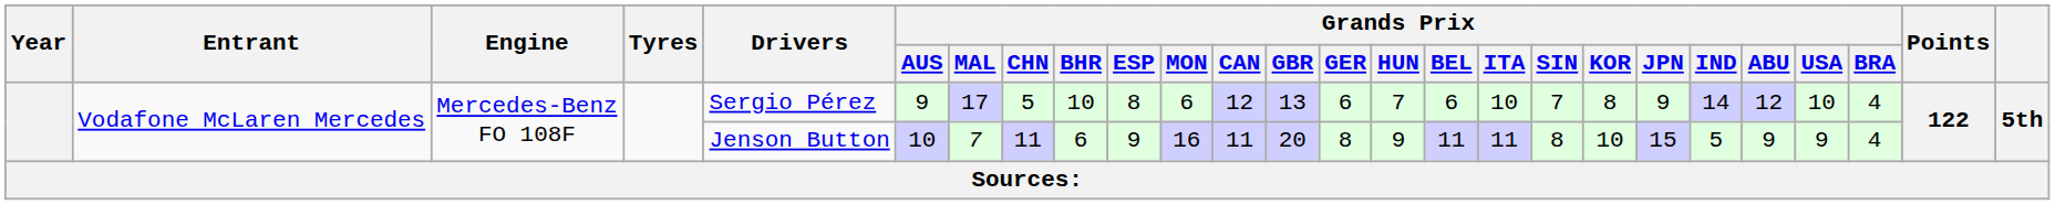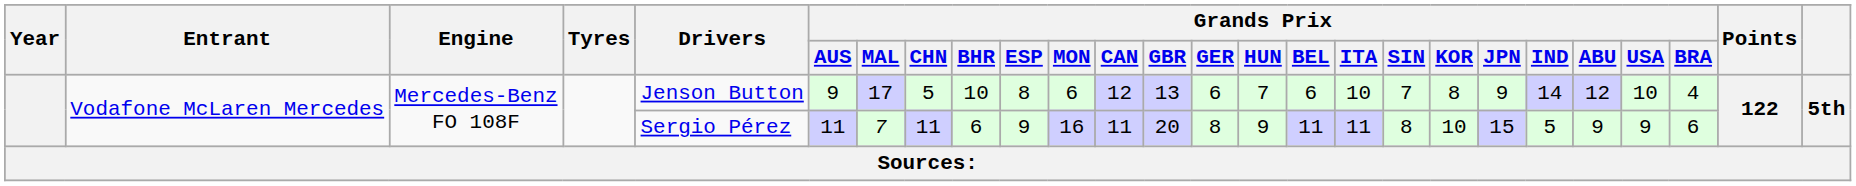 <table class="wikitable" style="text-align:center; font-size:90%">
 <tr>
 <th rowspan="2">Year</th>
 <th rowspan="2">Entrant</th>
 <th rowspan="2">Engine</th>
 <th rowspan="2">Tyres</th>
 <th rowspan="2">Drivers</th>
 <th colspan="19">Grands Prix</th>
 <th rowspan="2">Points</th>
 <th rowspan="2"></th>
 </tr>
 <tr>
 <th><a href='#'>AUS</a></th>
 <th><a href='#'>MAL</a></th>
 <th><a href='#'>CHN</a></th>
 <th><a href='#'>BHR</a></th>
 <th><a href='#'>ESP</a></th>
 <th><a href='#'>MON</a></th>
 <th><a href='#'>CAN</a></th>
 <th><a href='#'>GBR</a></th>
 <th><a href='#'>GER</a></th>
 <th><a href='#'>HUN</a></th>
 <th><a href='#'>BEL</a></th>
 <th><a href='#'>ITA</a></th>
 <th><a href='#'>SIN</a></th>
 <th><a href='#'>KOR</a></th>
 <th><a href='#'>JPN</a></th>
 <th><a href='#'>IND</a></th>
 <th><a href='#'>ABU</a></th>
 <th><a href='#'>USA</a></th>
 <th><a href='#'>BRA</a></th>
 </tr>
 <tr>
 <th rowspan=2></th>
 <td rowspan=2 nowrap><a href='#'>Vodafone McLaren Mercedes</a></td>
 <td rowspan=2 nowrap><a href='#'>Mercedes-Benz</a><br>FO 108F</td>
 <td rowspan=2></td>
-<td align="left"> <a href='#'>Sergio Pérez</a></td>
+<td align="left" nowrap> <a href='#'>Jenson Button</a></td>
 <td style="background-color:#dfffdf">9</td>
 <td style="background-color:#cfcfff">17</td>
 <td style="background-color:#dfffdf">5</td>
 <td style="background-color:#dfffdf">10</td>
 <td style="background-color:#dfffdf">8</td>
 <td style="background-color:#dfffdf">6</td>
 <td style="background-color:#cfcfff">12</td>
 <td style="background-color:#cfcfff">13</td>
 <td style="background-color:#dfffdf">6</td>
 <td style="background-color:#dfffdf">7</td>
 <td style="background-color:#dfffdf">6</td>
 <td style="background-color:#dfffdf">10</td>
 <td style="background-color:#dfffdf">7</td>
 <td style="background-color:#dfffdf">8</td>
 <td style="background-color:#dfffdf">9</td>
 <td style="background-color:#cfcfff">14</td>
 <td style="background-color:#cfcfff">12</td>
 <td style="background-color:#dfffdf">10</td>
 <td style="background-color:#dfffdf">4</td>
 <th rowspan="2">122</th>
 <th rowspan="2">5th</th>
 </tr>
 <tr>
-<td align="left" nowrap> <a href='#'>Jenson Button</a></td>
-<td style="background-color:#cfcfff">10</td>
+<td align="left"> <a href='#'>Sergio Pérez</a></td>
+<td style="background-color:#cfcfff">11</td>
 <td style="background-color:#dfffdf"><em>7</em></td>
 <td style="background-color:#cfcfff">11</td>
 <td style="background-color:#dfffdf">6</td>
 <td style="background-color:#dfffdf">9</td>
 <td style="background-color:#cfcfff">16</td>
 <td style="background-color:#cfcfff">11</td>
 <td style="background-color:#cfcfff">20</td>
 <td style="background-color:#dfffdf">8</td>
 <td style="background-color:#dfffdf">9</td>
 <td style="background-color:#cfcfff">11</td>
 <td style="background-color:#cfcfff">11</td>
 <td style="background-color:#dfffdf">8</td>
 <td style="background-color:#dfffdf">10</td>
 <td style="background-color:#cfcfff">15</td>
 <td style="background-color:#dfffdf">5</td>
 <td style="background-color:#dfffdf">9</td>
 <td style="background-color:#dfffdf">9</td>
-<td style="background-color:#dfffdf">4</td>
+<td style="background-color:#dfffdf">6</td>
 </tr>
 <tr>
 <th colspan="27">Sources:</th>
 </tr>
 </table>
